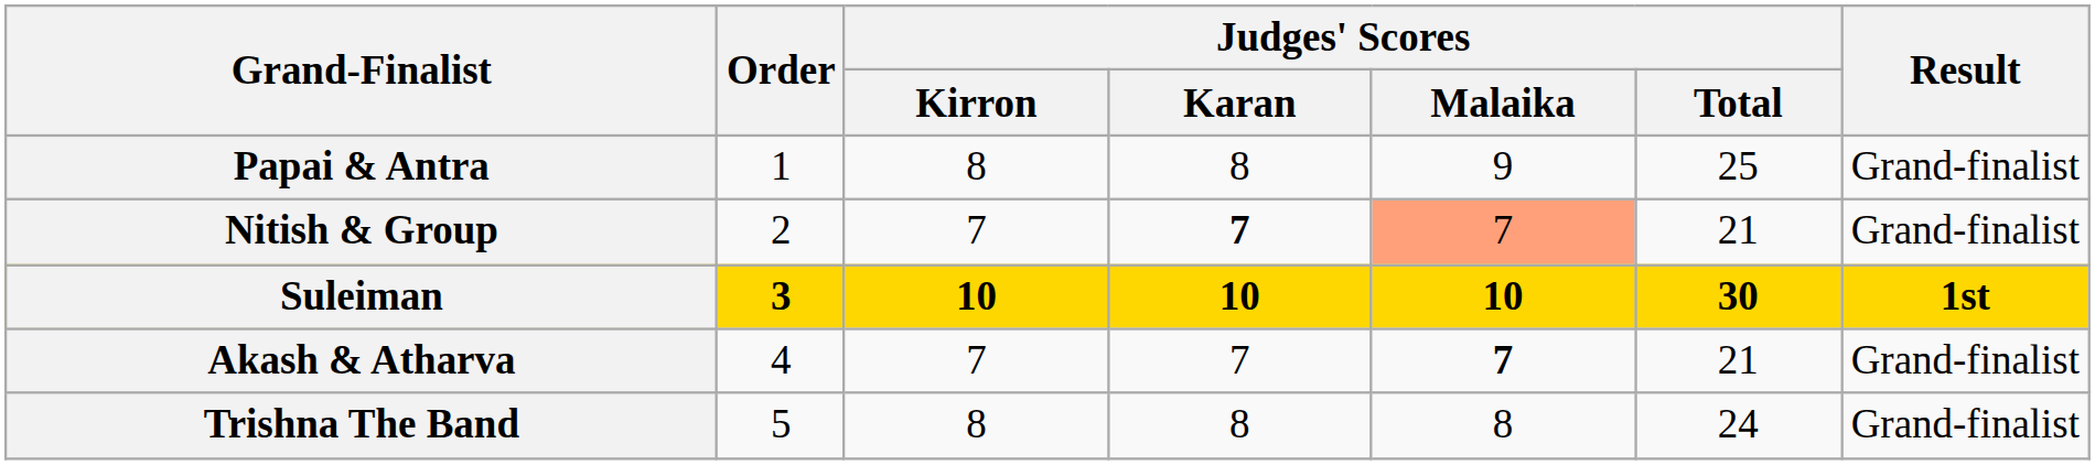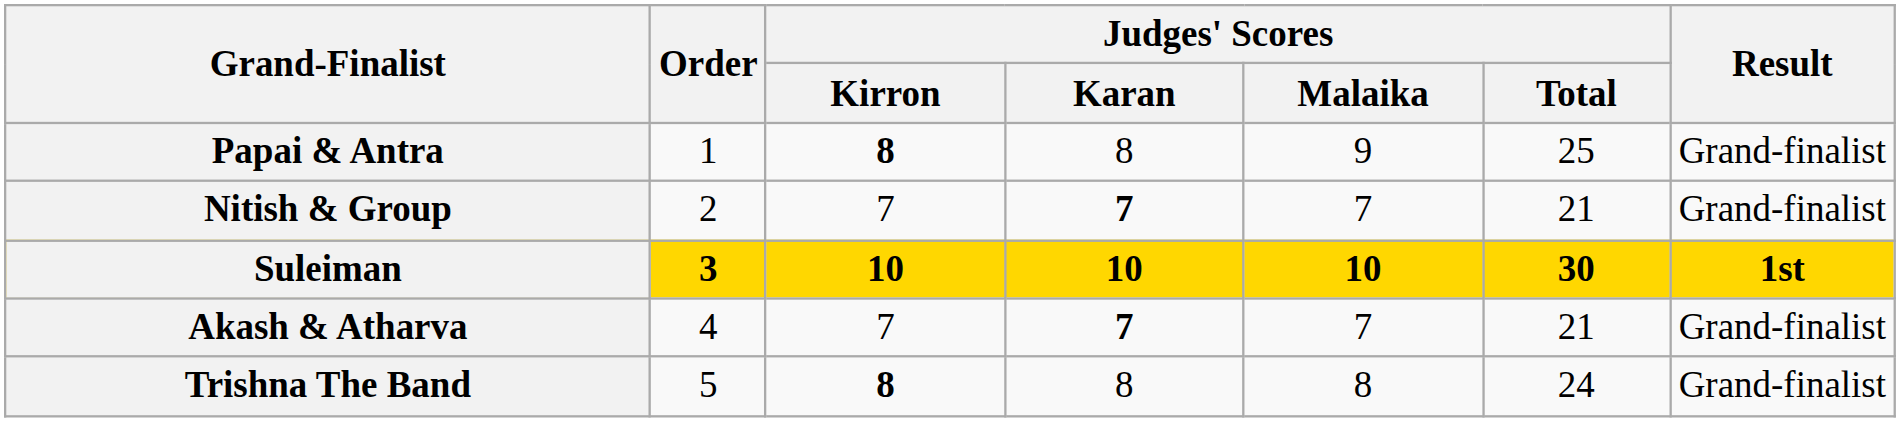 <table class="wikitable plainrowheaders sortable" style="text-align:center;">
 <tr>
 <th rowspan="2" class="unsortable" scope="col" style="width:17em;">Grand-Finalist</th>
 <th rowspan="2" scope="col" style="width:1em;">Order</th>
 <th colspan="4" class="unsortable" scope="col" style="width:24em;">Judges' Scores</th>
 <th rowspan="2" scope="col">Result</th>
 </tr>
 <tr>
 <th class="unsortable" scope="col" style="width:6em;">Kirron</th>
 <th class="unsortable" scope="col" style="width:6em;">Karan</th>
 <th class="unsortable" scope="col" style="width:6em;">Malaika</th>
 <th>Total</th>
 </tr>
 <tr>
 <th scope="row">Papai & Antra</th>
 <td>1</td>
-<td>8</td>
+<td><strong>8</strong></td>
 <td>8</td>
 <td>9</td>
 <td>25</td>
 <td>Grand-finalist</td>
 </tr>
 <tr>
 <th scope="row">Nitish & Group</th>
 <td>2</td>
 <td>7</td>
 <td><strong>7</strong></td>
-<td style="background: lightsalmon;">7</td>
+<td>7</td>
 <td>21</td>
 <td>Grand-finalist</td>
 </tr>
 <tr style="background:gold;">
 <th scope="row"><strong>Suleiman</strong></th>
 <td><strong>3</strong></td>
 <td><strong>10</strong></td>
 <td><strong>10</strong></td>
 <td><strong>10</strong></td>
 <td><strong>30</strong></td>
 <td><strong>1st</strong></td>
 </tr>
 <tr>
 <th scope="row">Akash & Atharva</th>
 <td>4</td>
 <td>7</td>
+<td><strong>7</strong></td>
 <td>7</td>
-<td><strong>7</strong></td>
 <td>21</td>
 <td>Grand-finalist</td>
 </tr>
 <tr>
 <th scope="row">Trishna The Band</th>
 <td>5</td>
-<td>8</td>
+<td><strong>8</strong></td>
 <td>8</td>
 <td>8</td>
 <td>24</td>
 <td>Grand-finalist</td>
 </tr>
 </table>
